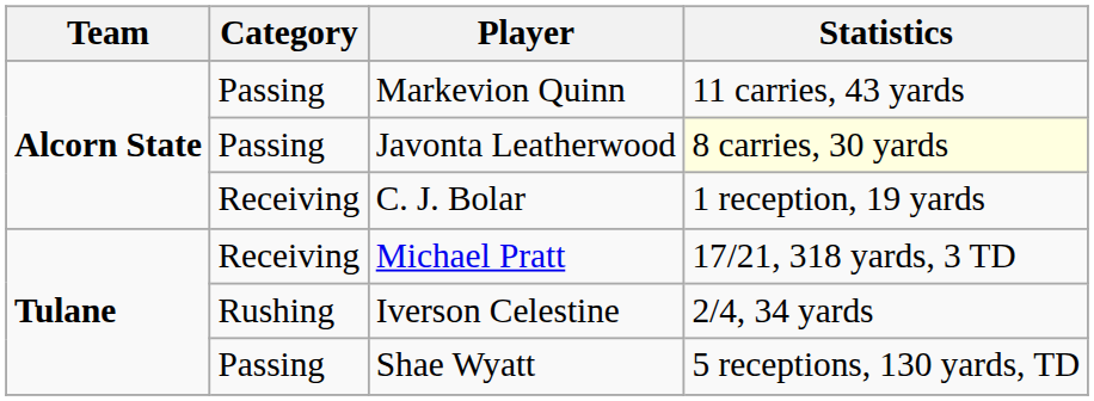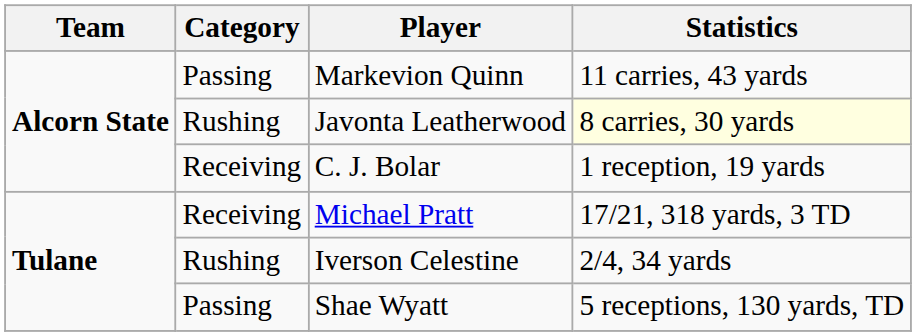 <table class="wikitable" style="float: right;">
 <tr>
 <th>Team</th>
 <th>Category</th>
 <th>Player</th>
 <th>Statistics</th>
 </tr>
 <tr>
 <td rowspan=3><strong>Alcorn State</strong></td>
 <td>Passing</td>
 <td>Markevion Quinn</td>
 <td>11 carries, 43 yards</td>
 </tr>
 <tr>
-<td>Passing</td>
+<td>Rushing</td>
 <td>Javonta Leatherwood</td>
 <td style="background: lightyellow;">8 carries, 30 yards</td>
 </tr>
 <tr>
 <td>Receiving</td>
 <td>C. J. Bolar</td>
 <td>1 reception, 19 yards</td>
 </tr>
 <tr>
 <td rowspan=3><strong>Tulane</strong></td>
 <td>Receiving</td>
 <td><a href='#'>Michael Pratt</a></td>
 <td>17/21, 318 yards, 3 TD</td>
 </tr>
 <tr>
 <td>Rushing</td>
 <td>Iverson Celestine</td>
 <td>2/4, 34 yards</td>
 </tr>
 <tr>
 <td>Passing</td>
 <td>Shae Wyatt</td>
 <td>5 receptions, 130 yards, TD</td>
 </tr>
 </table>
